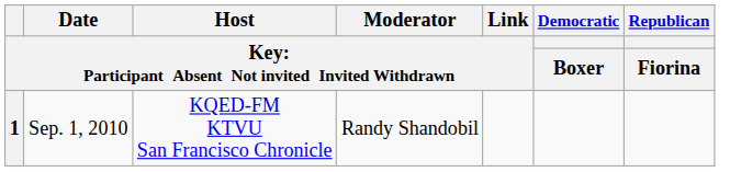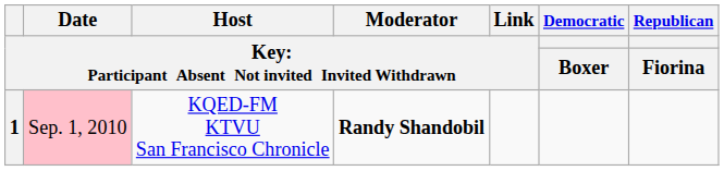 <table class="wikitable" style="text-align:center;">
 <tr>
 <th scope="col"></th>
 <th scope="col">Date</th>
 <th scope="col">Host</th>
 <th scope="col">Moderator</th>
 <th scope="col">Link</th>
 <th scope="col"><small><a href='#'>Democratic</a></small></th>
 <th scope="col"><small><a href='#'>Republican</a></small></th>
 </tr>
 <tr>
 <th colspan="5" rowspan="2">Key:<br> <small>Participant </small>  <small>Absent </small>  <small>Not invited </small>  <small>Invited  Withdrawn</small></th>
 <th scope="col" style="background:"></th>
 <th scope="col" style="background:"></th>
 </tr>
 <tr>
 <th scope="col">Boxer</th>
 <th scope="col">Fiorina</th>
 </tr>
 <tr>
 <th>1</th>
-<td style="white-space:nowrap;">Sep. 1, 2010</td>
+<td style="background: pink; white-space:nowrap;">Sep. 1, 2010</td>
 <td style="white-space:nowrap;"><a href='#'>KQED-FM</a><br><a href='#'>KTVU</a><br><a href='#'>San Francisco Chronicle</a></td>
-<td style="white-space:nowrap;">Randy Shandobil</td>
+<td style="white-space:nowrap;"><strong>Randy Shandobil</strong></td>
 <td style="white-space:nowrap;"></td>
 <td></td>
 <td></td>
 </tr>
 </table>
